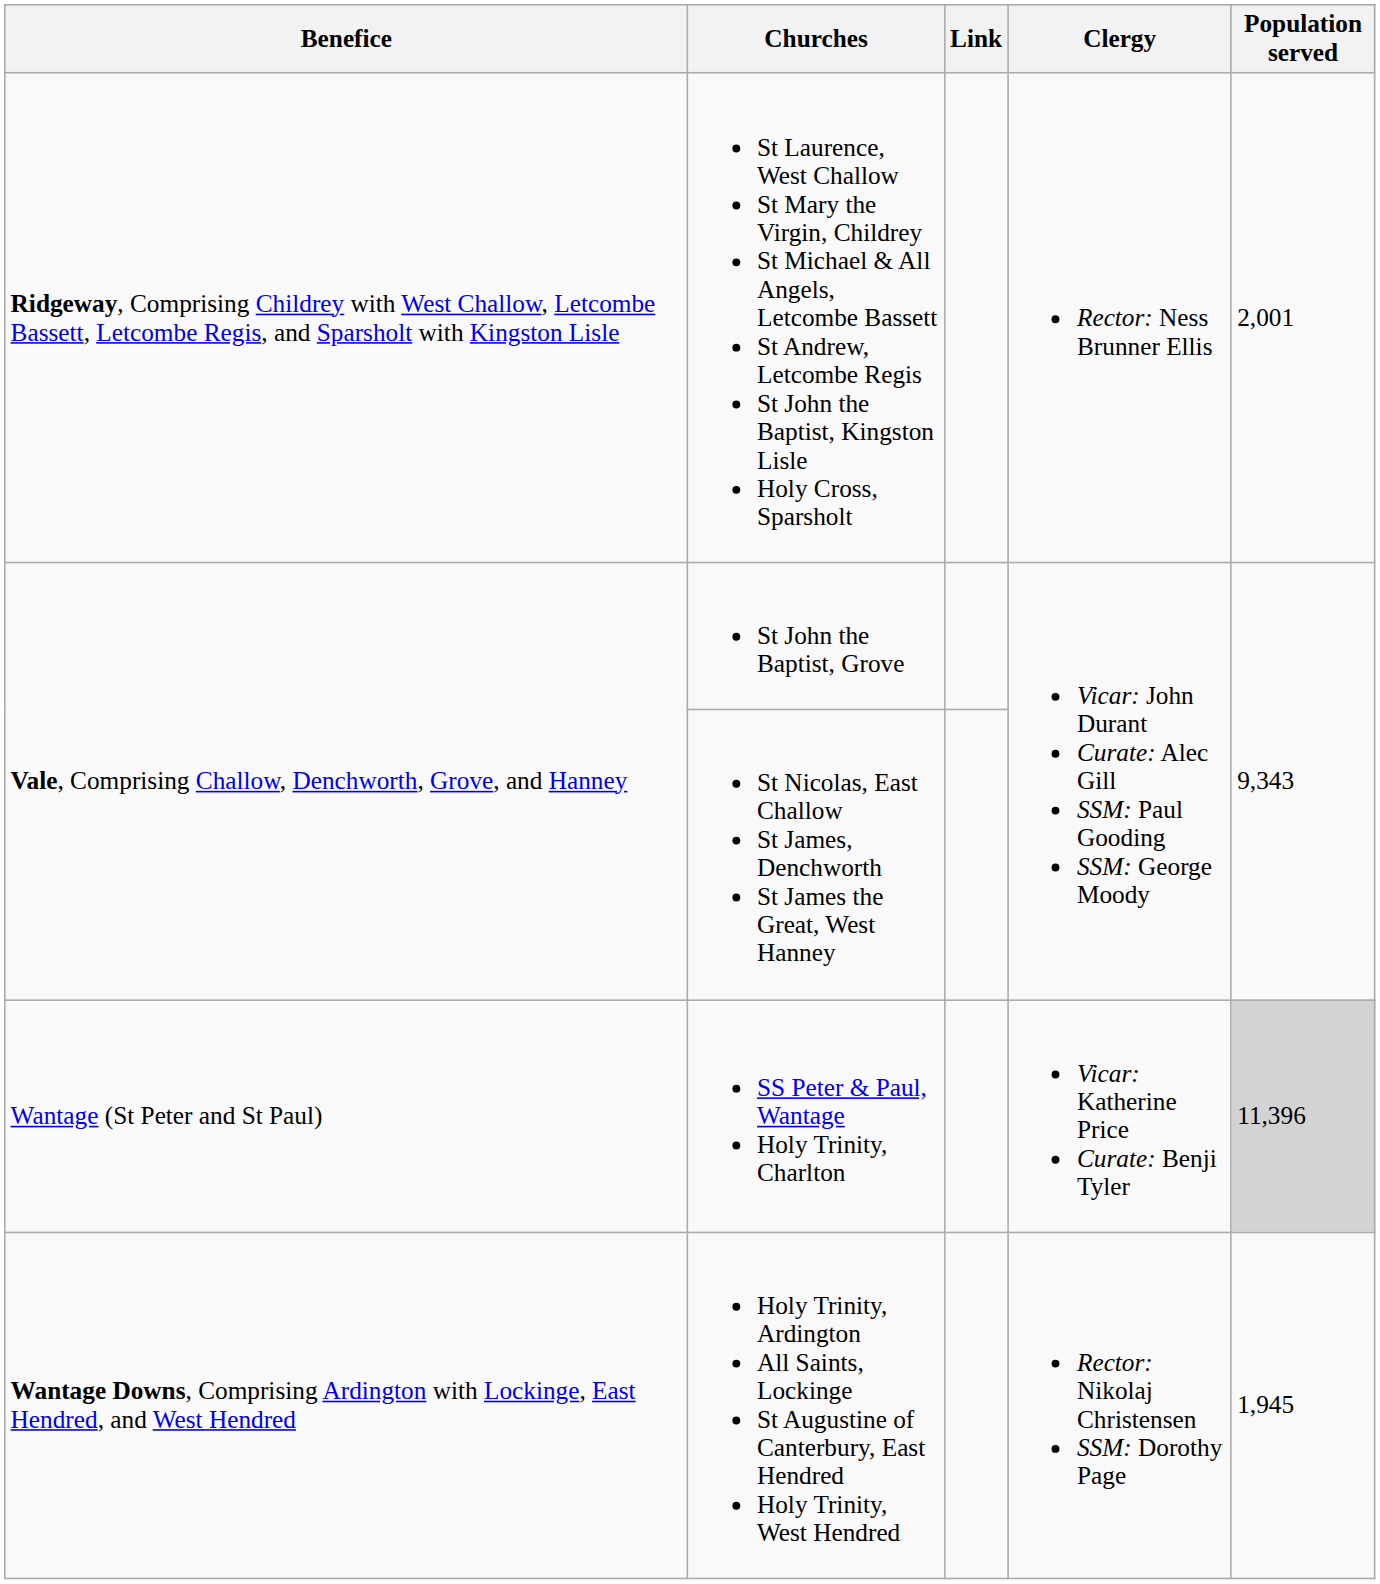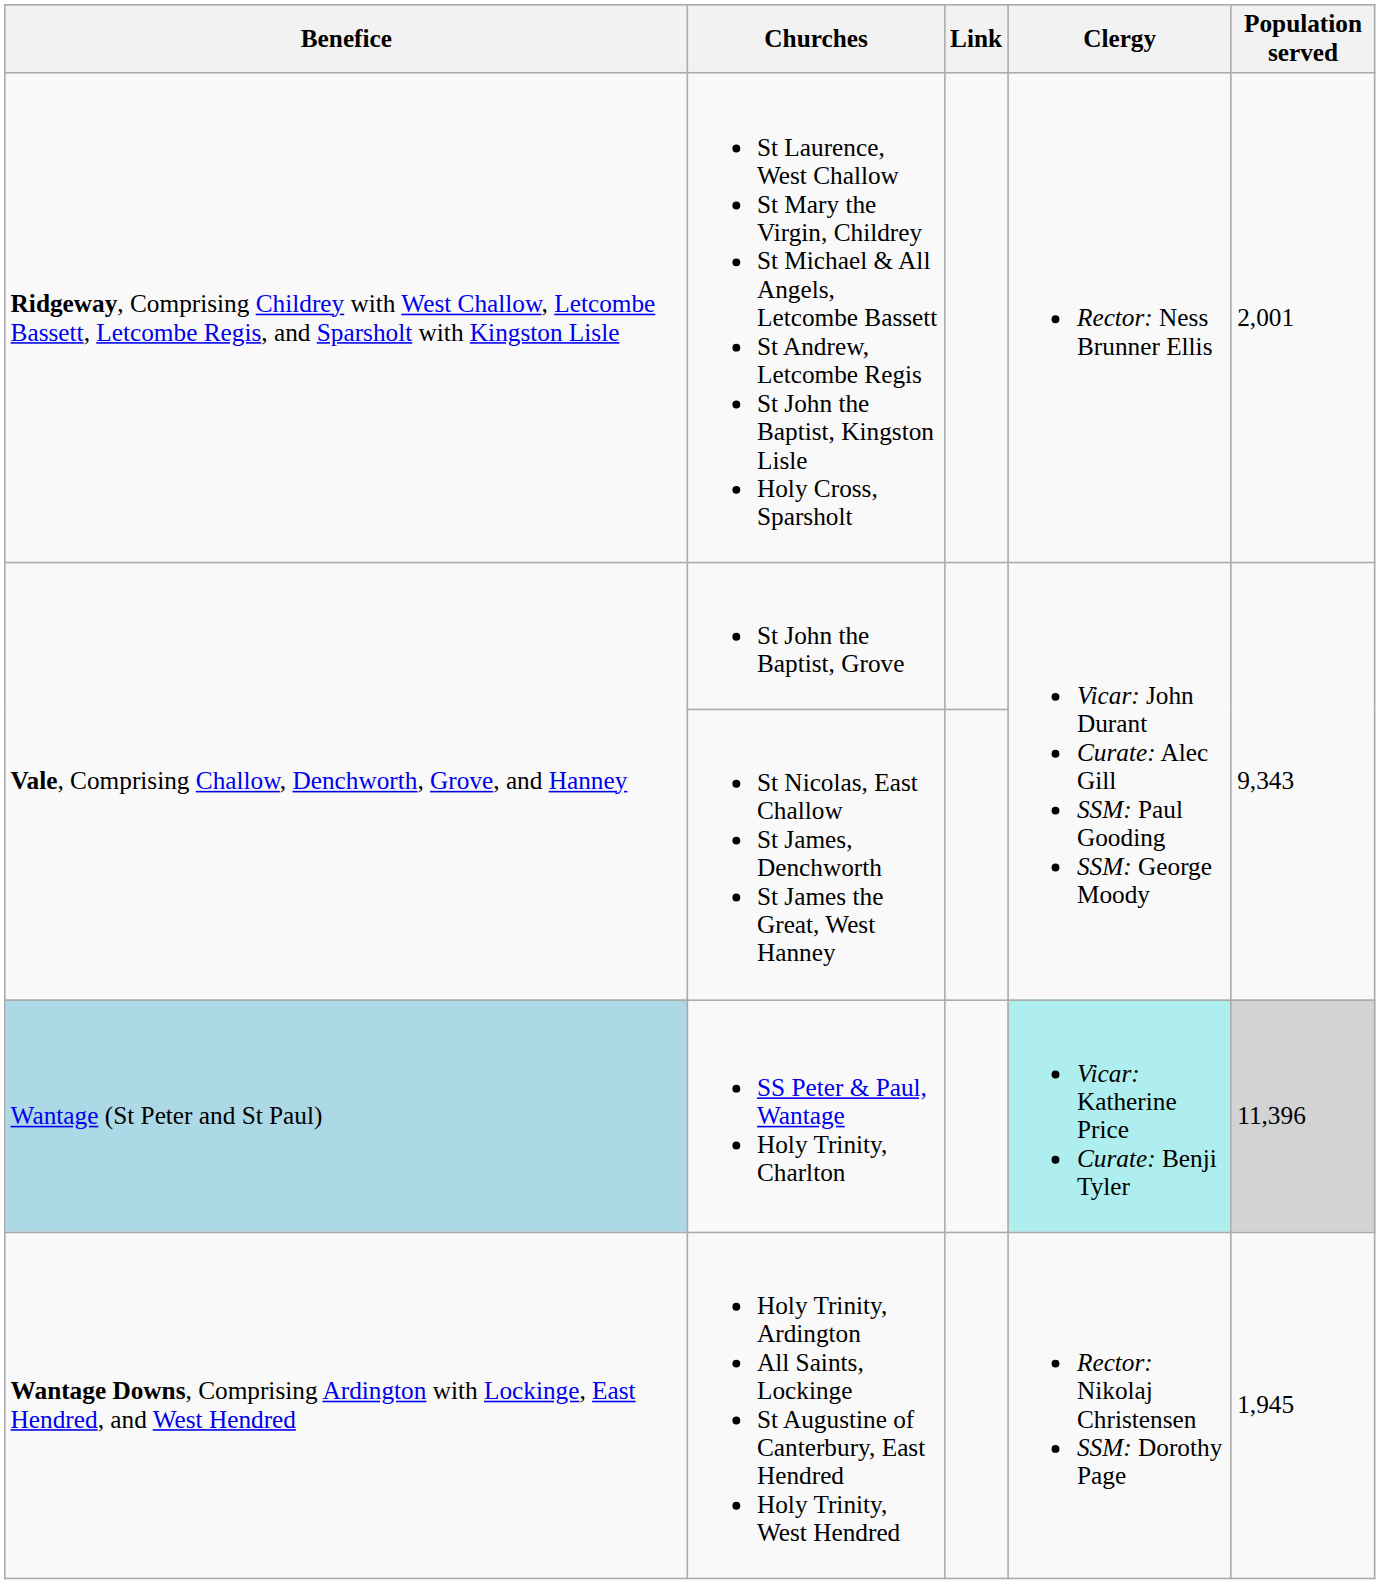 <table class="wikitable">
 <tr>
 <th width="425">Benefice</th>
 <th>Churches</th>
 <th>Link</th>
 <th>Clergy</th>
 <th>Population served</th>
 </tr>
 <tr>
 <td><strong>Ridgeway</strong>, Comprising <a href='#'>Childrey</a> with <a href='#'>West Challow</a>, <a href='#'>Letcombe Bassett</a>, <a href='#'>Letcombe Regis</a>, and <a href='#'>Sparsholt</a> with <a href='#'>Kingston Lisle</a></td>
 <td><br><ul><li>St Laurence, West Challow</li><li>St Mary the Virgin, Childrey</li><li>St Michael & All Angels, Letcombe Bassett</li><li>St Andrew, Letcombe Regis</li><li>St John the Baptist, Kingston Lisle</li><li>Holy Cross, Sparsholt</li></ul></td>
 <td></td>
 <td><br><ul><li><em>Rector:</em> Ness Brunner Ellis</li></ul></td>
 <td>2,001</td>
 </tr>
 <tr>
 <td rowspan="2"><strong>Vale</strong>, Comprising <a href='#'>Challow</a>, <a href='#'>Denchworth</a>, <a href='#'>Grove</a>, and <a href='#'>Hanney</a></td>
 <td><br><ul><li>St John the Baptist, Grove</li></ul></td>
 <td></td>
 <td rowspan="2"><br><ul><li><em>Vicar:</em> John Durant</li><li><em>Curate:</em> Alec Gill</li><li><em>SSM:</em> Paul Gooding</li><li><em>SSM:</em> George Moody</li></ul></td>
 <td rowspan="2">9,343</td>
 </tr>
 <tr>
 <td><br><ul><li>St Nicolas, East Challow</li><li>St James, Denchworth</li><li>St James the Great, West Hanney</li></ul></td>
 <td></td>
 </tr>
 <tr>
-<td><a href='#'>Wantage</a> (St Peter and St Paul)</td>
+<td style="background: lightblue;"><a href='#'>Wantage</a> (St Peter and St Paul)</td>
 <td><br><ul><li><a href='#'>SS Peter & Paul, Wantage</a></li><li>Holy Trinity, Charlton</li></ul></td>
 <td> </td>
-<td><br><ul><li><em>Vicar:</em> Katherine Price</li><li><em>Curate:</em> Benji Tyler</li></ul></td>
+<td style="background: paleturquoise;"><br><ul><li><em>Vicar:</em> Katherine Price</li><li><em>Curate:</em> Benji Tyler</li></ul></td>
 <td style="background: lightgrey;">11,396</td>
 </tr>
 <tr>
 <td><strong>Wantage Downs</strong>, Comprising <a href='#'>Ardington</a> with <a href='#'>Lockinge</a>, <a href='#'>East Hendred</a>, and <a href='#'>West Hendred</a></td>
 <td><br><ul><li>Holy Trinity, Ardington</li><li>All Saints, Lockinge</li><li>St Augustine of Canterbury, East Hendred</li><li>Holy Trinity, West Hendred</li></ul></td>
 <td></td>
 <td><br><ul><li><em>Rector:</em> Nikolaj Christensen</li><li><em>SSM:</em> Dorothy Page</li></ul></td>
 <td>1,945</td>
 </tr>
 </table>
